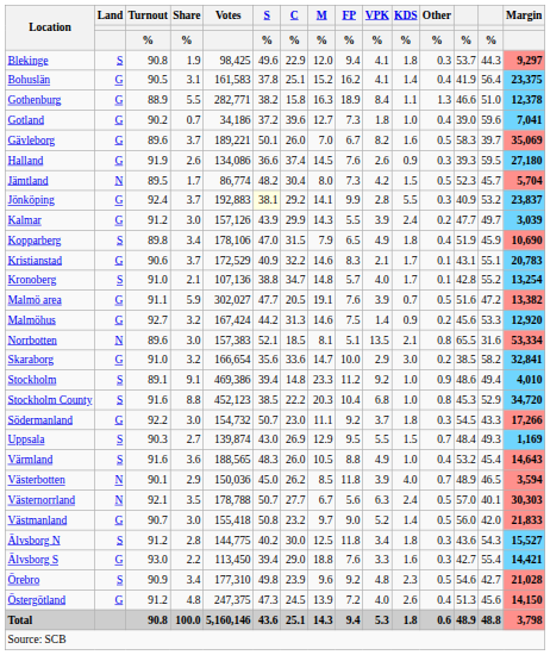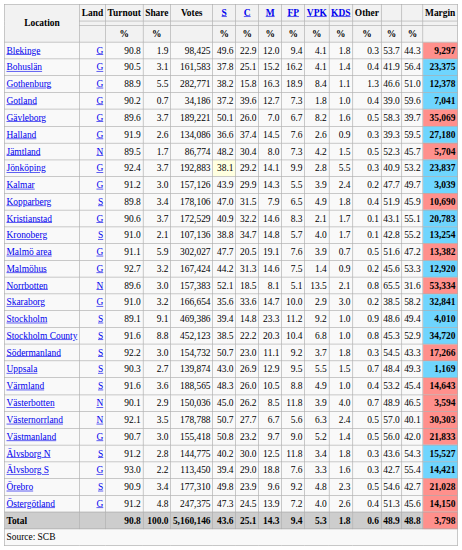 <table class="wikitable sortable" style="text-align:right; font-size:95%; line-height:20px;">
 <tr>
 <th rowspan="3">Location</th>
 <th>Land</th>
 <th>Turnout</th>
 <th>Share</th>
 <th>Votes</th>
 <th width="30px" class="unsortable"><a href='#'>S</a></th>
 <th width="30px" class="unsortable"><a href='#'>C</a></th>
 <th width="30px" class="unsortable"><a href='#'>M</a></th>
 <th width="30px" class="unsortable"><a href='#'>FP</a></th>
 <th width="30px" class="unsortable"><a href='#'>VPK</a></th>
 <th width="30px" class="unsortable"><a href='#'>KDS</a></th>
 <th width="30px" class="unsortable">Other</th>
 <th></th>
 <th></th>
 <th>Margin</th>
 </tr>
 <tr>
 <th></th>
 <th></th>
 <th></th>
 <th></th>
 <th style="background:"></th>
 <th style="background:"></th>
 <th style="background:"></th>
 <th style="background:"></th>
 <th style="background:"></th>
 <th style="background:"></th>
 <th style="background:"></th>
 <th style="background:"></th>
 <th style="background:"></th>
 <th></th>
 </tr>
 <tr>
 <th></th>
 <th data-sort-type="number">%</th>
 <th data-sort-type="number">%</th>
 <th></th>
 <th data-sort-type="number">%</th>
 <th data-sort-type="number">%</th>
 <th data-sort-type="number">%</th>
 <th data-sort-type="number">%</th>
 <th data-sort-type="number">%</th>
 <th data-sort-type="number">%</th>
 <th data-sort-type="number">%</th>
 <th data-sort-type="number">%</th>
 <th data-sort-type="number">%</th>
 <th></th>
 </tr>
 <tr>
 <td align=left><a href='#'>Blekinge</a></td>
-<td><a href='#'>S</a></td>
+<td><a href='#'>G</a></td>
 <td>90.8</td>
 <td>1.9</td>
 <td>98,425</td>
 <td>49.6</td>
 <td>22.9</td>
 <td>12.0</td>
 <td>9.4</td>
 <td>4.1</td>
 <td>1.8</td>
 <td>0.3</td>
 <td>53.7</td>
 <td>44.3</td>
 <td bgcolor=#ff908c><strong>9,297</strong></td>
 </tr>
 <tr>
 <td align=left><a href='#'>Bohuslän</a></td>
 <td><a href='#'>G</a></td>
 <td>90.5</td>
 <td>3.1</td>
 <td>161,583</td>
 <td>37.8</td>
 <td>25.1</td>
 <td>15.2</td>
 <td>16.2</td>
 <td>4.1</td>
 <td>1.4</td>
 <td>0.4</td>
 <td>41.9</td>
 <td>56.4</td>
 <td bgcolor=#6fd5fe><strong>23,375</strong></td>
 </tr>
 <tr>
 <td align=left><a href='#'>Gothenburg</a></td>
 <td><a href='#'>G</a></td>
 <td>88.9</td>
 <td>5.5</td>
 <td>282,771</td>
 <td>38.2</td>
 <td>15.8</td>
 <td>16.3</td>
 <td>18.9</td>
 <td>8.4</td>
 <td>1.1</td>
 <td>1.3</td>
 <td>46.6</td>
 <td>51.0</td>
 <td bgcolor=#6fd5fe><strong>12,378</strong></td>
 </tr>
 <tr>
 <td align=left><a href='#'>Gotland</a></td>
 <td><a href='#'>G</a></td>
 <td>90.2</td>
 <td>0.7</td>
 <td>34,186</td>
 <td>37.2</td>
 <td>39.6</td>
 <td>12.7</td>
 <td>7.3</td>
 <td>1.8</td>
 <td>1.0</td>
 <td>0.4</td>
 <td>39.0</td>
 <td>59.6</td>
 <td bgcolor=#6fd5fe><strong>7,041</strong></td>
 </tr>
 <tr>
 <td align=left><a href='#'>Gävleborg</a></td>
 <td><a href='#'>G</a></td>
 <td>89.6</td>
 <td>3.7</td>
 <td>189,221</td>
 <td>50.1</td>
 <td>26.0</td>
 <td>7.0</td>
 <td>6.7</td>
 <td>8.2</td>
 <td>1.6</td>
 <td>0.5</td>
 <td>58.3</td>
 <td>39.7</td>
 <td bgcolor=#ff908c><strong>35,069</strong></td>
 </tr>
 <tr>
 <td align=left><a href='#'>Halland</a></td>
 <td><a href='#'>G</a></td>
 <td>91.9</td>
 <td>2.6</td>
 <td>134,086</td>
 <td>36.6</td>
 <td>37.4</td>
 <td>14.5</td>
 <td>7.6</td>
 <td>2.6</td>
 <td>0.9</td>
 <td>0.3</td>
 <td>39.3</td>
 <td>59.5</td>
 <td bgcolor=#6fd5fe><strong>27,180</strong></td>
 </tr>
 <tr>
 <td align=left><a href='#'>Jämtland</a></td>
 <td><a href='#'>N</a></td>
 <td>89.5</td>
 <td>1.7</td>
 <td>86,774</td>
 <td>48.2</td>
 <td>30.4</td>
 <td>8.0</td>
 <td>7.3</td>
 <td>4.2</td>
 <td>1.5</td>
 <td>0.5</td>
 <td>52.3</td>
 <td>45.7</td>
 <td bgcolor=#ff908c><strong>5,704</strong></td>
 </tr>
 <tr>
 <td align=left><a href='#'>Jönköping</a></td>
 <td><a href='#'>G</a></td>
 <td>92.4</td>
 <td>3.7</td>
 <td>192,883</td>
 <td style="background: lightyellow;">38.1</td>
 <td>29.2</td>
 <td>14.1</td>
 <td>9.9</td>
 <td>2.8</td>
 <td>5.5</td>
 <td>0.3</td>
 <td>40.9</td>
 <td>53.2</td>
 <td bgcolor=#6fd5fe><strong>23,837</strong></td>
 </tr>
 <tr>
 <td align=left><a href='#'>Kalmar</a></td>
 <td><a href='#'>G</a></td>
 <td>91.2</td>
 <td>3.0</td>
 <td>157,126</td>
 <td>43.9</td>
 <td>29.9</td>
 <td>14.3</td>
 <td>5.5</td>
 <td>3.9</td>
 <td>2.4</td>
 <td>0.2</td>
 <td>47.7</td>
 <td>49.7</td>
 <td bgcolor=#6fd5fe><strong>3,039</strong></td>
 </tr>
 <tr>
 <td align=left><a href='#'>Kopparberg</a></td>
 <td><a href='#'>S</a></td>
 <td>89.8</td>
 <td>3.4</td>
 <td>178,106</td>
 <td>47.0</td>
 <td>31.5</td>
 <td>7.9</td>
 <td>6.5</td>
 <td>4.9</td>
 <td>1.8</td>
 <td>0.4</td>
 <td>51.9</td>
 <td>45.9</td>
 <td bgcolor=#ff908c><strong>10,690</strong></td>
 </tr>
 <tr>
 <td align=left><a href='#'>Kristianstad</a></td>
 <td><a href='#'>G</a></td>
 <td>90.6</td>
 <td>3.7</td>
 <td>172,529</td>
 <td>40.9</td>
 <td>32.2</td>
 <td>14.6</td>
 <td>8.3</td>
 <td>2.1</td>
 <td>1.7</td>
 <td>0.1</td>
 <td>43.1</td>
 <td>55.1</td>
 <td bgcolor=#6fd5fe><strong>20,783</strong></td>
 </tr>
 <tr>
 <td align=left><a href='#'>Kronoberg</a></td>
 <td><a href='#'>S</a></td>
 <td>91.0</td>
 <td>2.1</td>
 <td>107,136</td>
 <td>38.8</td>
 <td>34.7</td>
 <td>14.8</td>
 <td>5.7</td>
 <td>4.0</td>
 <td>1.7</td>
 <td>0.1</td>
 <td>42.8</td>
 <td>55.2</td>
 <td bgcolor=#6fd5fe><strong>13,254</strong></td>
 </tr>
 <tr>
 <td align=left><a href='#'>Malmö area</a></td>
 <td><a href='#'>G</a></td>
 <td>91.1</td>
 <td>5.9</td>
 <td>302,027</td>
 <td>47.7</td>
 <td>20.5</td>
 <td>19.1</td>
 <td>7.6</td>
 <td>3.9</td>
 <td>0.7</td>
 <td>0.5</td>
 <td>51.6</td>
 <td>47.2</td>
 <td bgcolor=#ff908c><strong>13,382</strong></td>
 </tr>
 <tr>
 <td align=left><a href='#'>Malmöhus</a></td>
 <td><a href='#'>G</a></td>
 <td>92.7</td>
 <td>3.2</td>
 <td>167,424</td>
 <td>44.2</td>
 <td>31.3</td>
 <td>14.6</td>
 <td>7.5</td>
 <td>1.4</td>
 <td>0.9</td>
 <td>0.2</td>
 <td>45.6</td>
 <td>53.3</td>
 <td bgcolor=#6fd5fe><strong>12,920</strong></td>
 </tr>
 <tr>
 <td align=left><a href='#'>Norrbotten</a></td>
 <td><a href='#'>N</a></td>
 <td>89.6</td>
 <td>3.0</td>
 <td>157,383</td>
 <td>52.1</td>
 <td>18.5</td>
 <td>8.1</td>
 <td>5.1</td>
 <td>13.5</td>
 <td>2.1</td>
 <td>0.8</td>
 <td>65.5</td>
 <td>31.6</td>
 <td bgcolor=#ff908c><strong>53,334</strong></td>
 </tr>
 <tr>
 <td align=left><a href='#'>Skaraborg</a></td>
 <td><a href='#'>G</a></td>
 <td>91.0</td>
 <td>3.2</td>
 <td>166,654</td>
 <td>35.6</td>
 <td>33.6</td>
 <td>14.7</td>
 <td>10.0</td>
 <td>2.9</td>
 <td>3.0</td>
 <td>0.2</td>
 <td>38.5</td>
 <td>58.2</td>
 <td bgcolor=#6fd5fe><strong>32,841</strong></td>
 </tr>
 <tr>
 <td align=left><a href='#'>Stockholm</a></td>
 <td><a href='#'>S</a></td>
 <td>89.1</td>
 <td>9.1</td>
 <td>469,386</td>
 <td>39.4</td>
 <td>14.8</td>
 <td>23.3</td>
 <td>11.2</td>
 <td>9.2</td>
 <td>1.0</td>
 <td>0.9</td>
 <td>48.6</td>
 <td>49.4</td>
 <td bgcolor=#6fd5fe><strong>4,010</strong></td>
 </tr>
 <tr>
 <td align=left><a href='#'>Stockholm County</a></td>
 <td><a href='#'>S</a></td>
 <td>91.6</td>
 <td>8.8</td>
 <td>452,123</td>
 <td>38.5</td>
 <td>22.2</td>
 <td>20.3</td>
 <td>10.4</td>
 <td>6.8</td>
 <td>1.0</td>
 <td>0.8</td>
 <td>45.3</td>
 <td>52.9</td>
 <td bgcolor=#6fd5fe><strong>34,720</strong></td>
 </tr>
 <tr>
 <td align=left><a href='#'>Södermanland</a></td>
-<td><a href='#'>G</a></td>
+<td><a href='#'>S</a></td>
 <td>92.2</td>
 <td>3.0</td>
 <td>154,732</td>
 <td>50.7</td>
 <td>23.0</td>
 <td>11.1</td>
 <td>9.2</td>
 <td>3.7</td>
 <td>1.8</td>
 <td>0.3</td>
 <td>54.5</td>
 <td>43.3</td>
 <td bgcolor=#ff908c><strong>17,266</strong></td>
 </tr>
 <tr>
 <td align=left><a href='#'>Uppsala</a></td>
 <td><a href='#'>S</a></td>
 <td>90.3</td>
 <td>2.7</td>
 <td>139,874</td>
 <td>43.0</td>
 <td>26.9</td>
 <td>12.9</td>
 <td>9.5</td>
 <td>5.5</td>
 <td>1.5</td>
 <td>0.7</td>
 <td>48.4</td>
 <td>49.3</td>
 <td bgcolor=#6fd5fe><strong>1,169</strong></td>
 </tr>
 <tr>
 <td align=left><a href='#'>Värmland</a></td>
 <td><a href='#'>S</a></td>
 <td>91.6</td>
 <td>3.6</td>
 <td>188,565</td>
 <td>48.3</td>
 <td>26.0</td>
 <td>10.5</td>
 <td>8.8</td>
 <td>4.9</td>
 <td>1.0</td>
 <td>0.4</td>
 <td>53.2</td>
 <td>45.4</td>
 <td bgcolor=#ff908c><strong>14,643</strong></td>
 </tr>
 <tr>
 <td align=left><a href='#'>Västerbotten</a></td>
 <td><a href='#'>N</a></td>
 <td>90.1</td>
 <td>2.9</td>
 <td>150,036</td>
 <td>45.0</td>
 <td>26.2</td>
 <td>8.5</td>
 <td>11.8</td>
 <td>3.9</td>
 <td>4.0</td>
 <td>0.7</td>
 <td>48.9</td>
 <td>46.5</td>
 <td bgcolor=#ff908c><strong>3,594</strong></td>
 </tr>
 <tr>
 <td align=left><a href='#'>Västernorrland</a></td>
 <td><a href='#'>N</a></td>
 <td>92.1</td>
 <td>3.5</td>
 <td>178,788</td>
 <td>50.7</td>
 <td>27.7</td>
 <td>6.7</td>
 <td>5.6</td>
 <td>6.3</td>
 <td>2.4</td>
 <td>0.5</td>
 <td>57.0</td>
 <td>40.1</td>
 <td bgcolor=#ff908c><strong>30,303</strong></td>
 </tr>
 <tr>
 <td align=left><a href='#'>Västmanland</a></td>
 <td><a href='#'>G</a></td>
 <td>90.7</td>
 <td>3.0</td>
 <td>155,418</td>
 <td>50.8</td>
 <td>23.2</td>
 <td>9.7</td>
 <td>9.0</td>
 <td>5.2</td>
 <td>1.4</td>
 <td>0.5</td>
 <td>56.0</td>
 <td>42.0</td>
 <td bgcolor=#ff908c><strong>21,833</strong></td>
 </tr>
 <tr>
 <td align=left><a href='#'>Älvsborg N</a></td>
 <td><a href='#'>S</a></td>
 <td>91.2</td>
 <td>2.8</td>
 <td>144,775</td>
 <td>40.2</td>
 <td>30.0</td>
 <td>12.5</td>
 <td>11.8</td>
 <td>3.4</td>
 <td>1.8</td>
 <td>0.3</td>
 <td>43.6</td>
 <td>54.3</td>
 <td bgcolor=#6fd5fe><strong>15,527</strong></td>
 </tr>
 <tr>
 <td align=left><a href='#'>Älvsborg S</a></td>
 <td><a href='#'>G</a></td>
 <td>93.0</td>
 <td>2.2</td>
 <td>113,450</td>
 <td>39.4</td>
 <td>29.0</td>
 <td>18.8</td>
 <td>7.6</td>
 <td>3.3</td>
 <td>1.6</td>
 <td>0.3</td>
 <td>42.7</td>
 <td>55.4</td>
 <td bgcolor=#6fd5fe><strong>14,421</strong></td>
 </tr>
 <tr>
 <td align=left><a href='#'>Örebro</a></td>
 <td><a href='#'>S</a></td>
 <td>90.9</td>
 <td>3.4</td>
 <td>177,310</td>
 <td>49.8</td>
 <td>23.9</td>
 <td>9.6</td>
 <td>9.2</td>
 <td>4.8</td>
 <td>2.3</td>
 <td>0.5</td>
 <td>54.6</td>
 <td>42.7</td>
 <td bgcolor=#ff908c><strong>21,028</strong></td>
 </tr>
 <tr>
 <td align=left><a href='#'>Östergötland</a></td>
 <td><a href='#'>G</a></td>
 <td>91.2</td>
 <td>4.8</td>
 <td>247,375</td>
 <td>47.3</td>
 <td>24.5</td>
 <td>13.9</td>
 <td>7.2</td>
 <td>4.0</td>
 <td>2.6</td>
 <td>0.4</td>
 <td>51.3</td>
 <td>45.6</td>
 <td bgcolor=#ff908c><strong>14,150</strong></td>
 </tr>
 <tr style="background:#CDCDCD;">
 <td align=left><strong>Total</strong></td>
 <td></td>
 <td><strong>90.8</strong></td>
 <td><strong>100.0</strong></td>
 <td><strong>5,160,146</strong></td>
 <td><strong>43.6</strong></td>
 <td><strong>25.1</strong></td>
 <td><strong>14.3</strong></td>
 <td><strong>9.4</strong></td>
 <td><strong>5.3</strong></td>
 <td><strong>1.8</strong></td>
 <td><strong>0.6</strong></td>
 <td><strong>48.9</strong></td>
 <td><strong>48.8</strong></td>
 <td bgcolor=#ff908c><strong>3,798</strong></td>
 </tr>
 <tr>
 <td align=left colspan=15>Source: SCB </td>
 </tr>
 </table>
